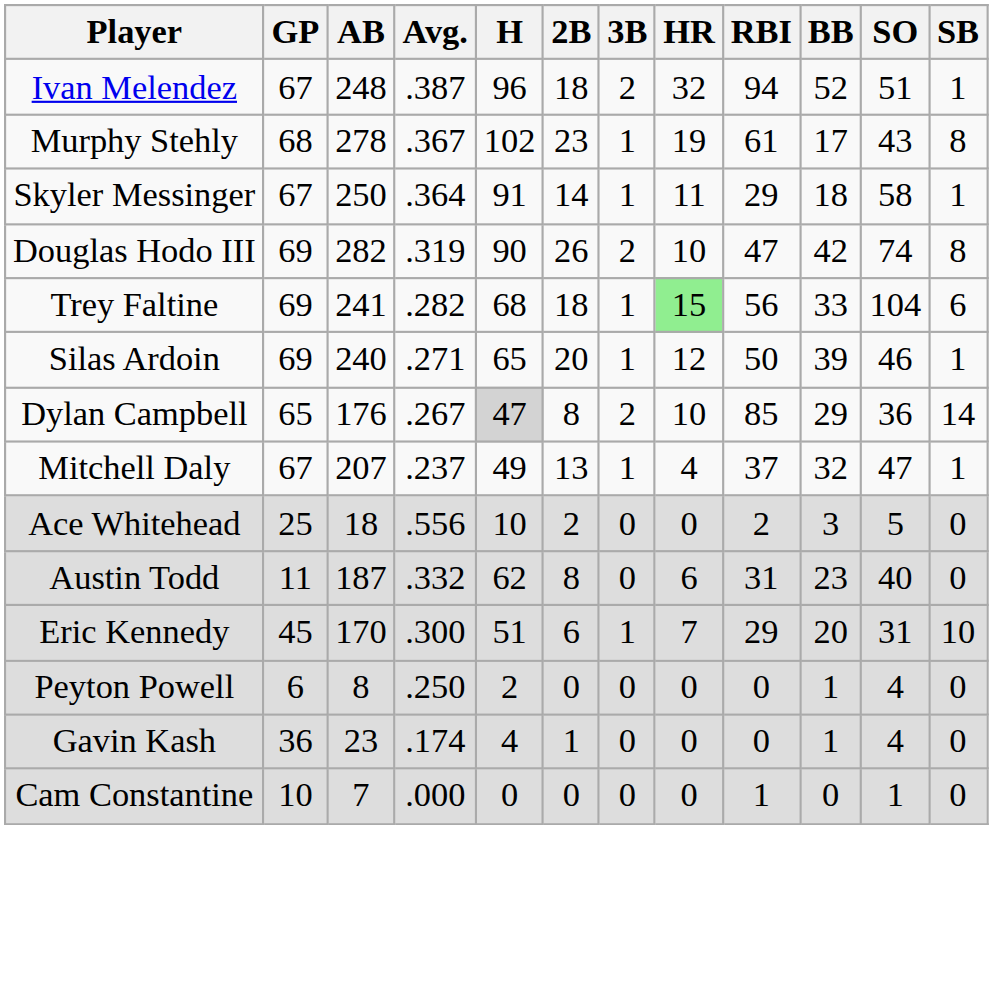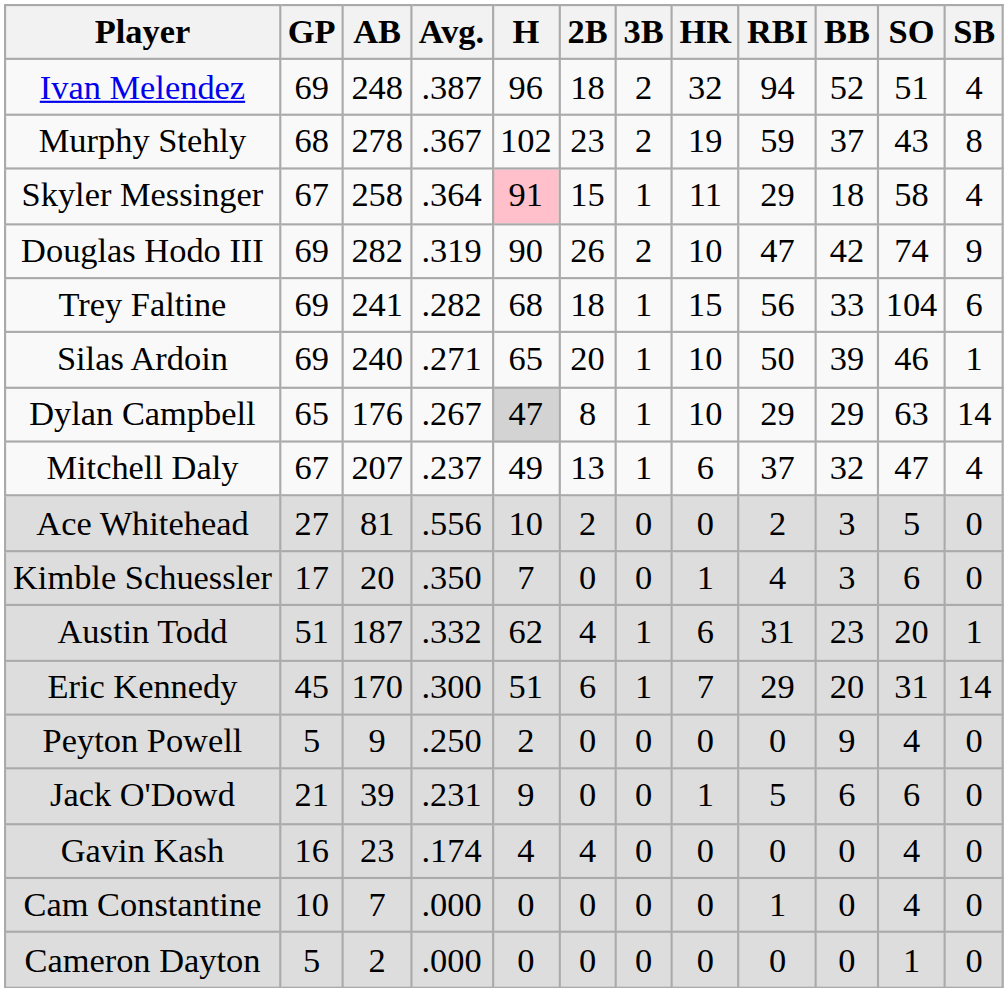 <table class="wikitable sortable">
 <tr>
 <th>Player</th>
 <th>GP</th>
 <th>AB</th>
 <th>Avg.</th>
 <th>H</th>
 <th>2B</th>
 <th>3B</th>
 <th>HR</th>
 <th>RBI</th>
 <th>BB</th>
 <th>SO</th>
 <th>SB</th>
 </tr>
 <tr style="text-align:center;">
 <td><a href='#'>Ivan Melendez</a></td>
-<td>67</td>
+<td>69</td>
 <td>248</td>
 <td>.387</td>
 <td>96</td>
 <td>18</td>
 <td>2</td>
 <td>32</td>
 <td>94</td>
 <td>52</td>
 <td>51</td>
-<td>1</td>
+<td>4</td>
 </tr>
 <tr style="text-align:center;">
 <td>Murphy Stehly</td>
 <td>68</td>
 <td>278</td>
 <td>.367</td>
 <td>102</td>
 <td>23</td>
-<td>1</td>
+<td>2</td>
 <td>19</td>
-<td>61</td>
-<td>17</td>
+<td>59</td>
+<td>37</td>
 <td>43</td>
 <td>8</td>
 </tr>
 <tr style="text-align:center;">
 <td>Skyler Messinger</td>
 <td>67</td>
-<td>250</td>
+<td>258</td>
 <td>.364</td>
-<td>91</td>
-<td>14</td>
+<td style="background: pink;">91</td>
+<td>15</td>
 <td>1</td>
 <td>11</td>
 <td>29</td>
 <td>18</td>
 <td>58</td>
-<td>1</td>
+<td>4</td>
 </tr>
 <tr style="text-align:center;">
 <td>Douglas Hodo III</td>
 <td>69</td>
 <td>282</td>
 <td>.319</td>
 <td>90</td>
 <td>26</td>
 <td>2</td>
 <td>10</td>
 <td>47</td>
 <td>42</td>
 <td>74</td>
-<td>8</td>
+<td>9</td>
 </tr>
 <tr style="text-align:center;">
 <td>Trey Faltine</td>
 <td>69</td>
 <td>241</td>
 <td>.282</td>
 <td>68</td>
 <td>18</td>
 <td>1</td>
-<td style="background: lightgreen;">15</td>
+<td>15</td>
 <td>56</td>
 <td>33</td>
 <td>104</td>
 <td>6</td>
 </tr>
 <tr style="text-align:center;">
 <td>Silas Ardoin</td>
 <td>69</td>
 <td>240</td>
 <td>.271</td>
 <td>65</td>
 <td>20</td>
 <td>1</td>
-<td>12</td>
+<td>10</td>
 <td>50</td>
 <td>39</td>
 <td>46</td>
 <td>1</td>
 </tr>
 <tr style="text-align:center;">
 <td>Dylan Campbell</td>
 <td>65</td>
 <td>176</td>
 <td>.267</td>
 <td style="background: lightgrey;">47</td>
 <td>8</td>
-<td>2</td>
+<td>1</td>
 <td>10</td>
-<td>85</td>
 <td>29</td>
-<td>36</td>
+<td>29</td>
+<td>63</td>
 <td>14</td>
 </tr>
 <tr style="text-align:center;">
 <td>Mitchell Daly</td>
 <td>67</td>
 <td>207</td>
 <td>.237</td>
 <td>49</td>
 <td>13</td>
 <td>1</td>
-<td>4</td>
+<td>6</td>
 <td>37</td>
 <td>32</td>
 <td>47</td>
-<td>1</td>
+<td>4</td>
 </tr>
 <tr style="background:#dddddd; text-align:center;">
 <td>Ace Whitehead</td>
-<td>25</td>
-<td>18</td>
+<td>27</td>
+<td>81</td>
 <td>.556</td>
 <td>10</td>
 <td>2</td>
 <td>0</td>
 <td>0</td>
 <td>2</td>
 <td>3</td>
 <td>5</td>
 <td>0</td>
 </tr>
 <tr style="background:#dddddd; text-align:center;">
+<td>Kimble Schuessler</td>
+<td>17</td>
+<td>20</td>
+<td>.350</td>
+<td>7</td>
+<td>0</td>
+<td>0</td>
+<td>1</td>
+<td>4</td>
+<td>3</td>
+<td>6</td>
+<td>0</td>
+</tr>
+<tr style="background:#dddddd; text-align:center;">
 <td>Austin Todd</td>
-<td>11</td>
+<td>51</td>
 <td>187</td>
 <td>.332</td>
 <td>62</td>
-<td>8</td>
-<td>0</td>
+<td>4</td>
+<td>1</td>
 <td>6</td>
 <td>31</td>
 <td>23</td>
-<td>40</td>
-<td>0</td>
+<td>20</td>
+<td>1</td>
 </tr>
 <tr style="background:#dddddd; text-align:center;">
 <td>Eric Kennedy</td>
 <td>45</td>
 <td>170</td>
 <td>.300</td>
 <td>51</td>
 <td>6</td>
 <td>1</td>
 <td>7</td>
 <td>29</td>
 <td>20</td>
 <td>31</td>
-<td>10</td>
+<td>14</td>
 </tr>
 <tr style="background:#dddddd; text-align:center;">
 <td>Peyton Powell</td>
-<td>6</td>
-<td>8</td>
+<td>5</td>
+<td>9</td>
 <td>.250</td>
 <td>2</td>
 <td>0</td>
 <td>0</td>
 <td>0</td>
 <td>0</td>
-<td>1</td>
+<td>9</td>
 <td>4</td>
 <td>0</td>
 </tr>
 <tr style="background:#dddddd; text-align:center;">
+<td>Jack O'Dowd</td>
+<td>21</td>
+<td>39</td>
+<td>.231</td>
+<td>9</td>
+<td>0</td>
+<td>0</td>
+<td>1</td>
+<td>5</td>
+<td>6</td>
+<td>6</td>
+<td>0</td>
+</tr>
+<tr style="background:#dddddd; text-align:center;">
 <td>Gavin Kash</td>
-<td>36</td>
+<td>16</td>
 <td>23</td>
 <td>.174</td>
 <td>4</td>
-<td>1</td>
+<td>4</td>
 <td>0</td>
 <td>0</td>
 <td>0</td>
-<td>1</td>
+<td>0</td>
 <td>4</td>
 <td>0</td>
 </tr>
 <tr style="background:#dddddd; text-align:center;">
 <td>Cam Constantine</td>
 <td>10</td>
 <td>7</td>
 <td>.000</td>
 <td>0</td>
 <td>0</td>
 <td>0</td>
 <td>0</td>
 <td>1</td>
 <td>0</td>
+<td>4</td>
+<td>0</td>
+</tr>
+<tr style="background:#dddddd; text-align:center;">
+<td>Cameron Dayton</td>
+<td>5</td>
+<td>2</td>
+<td>.000</td>
+<td>0</td>
+<td>0</td>
+<td>0</td>
+<td>0</td>
+<td>0</td>
+<td>0</td>
 <td>1</td>
 <td>0</td>
 </tr>
 </table>
